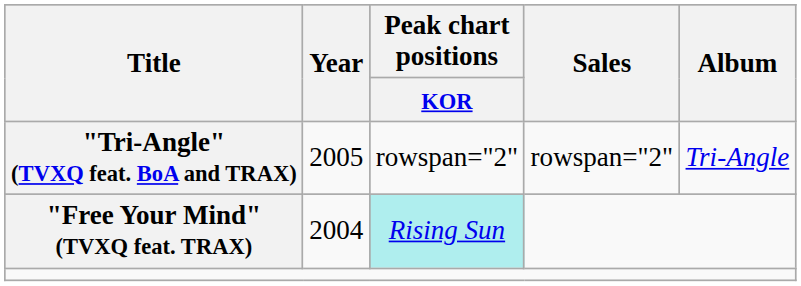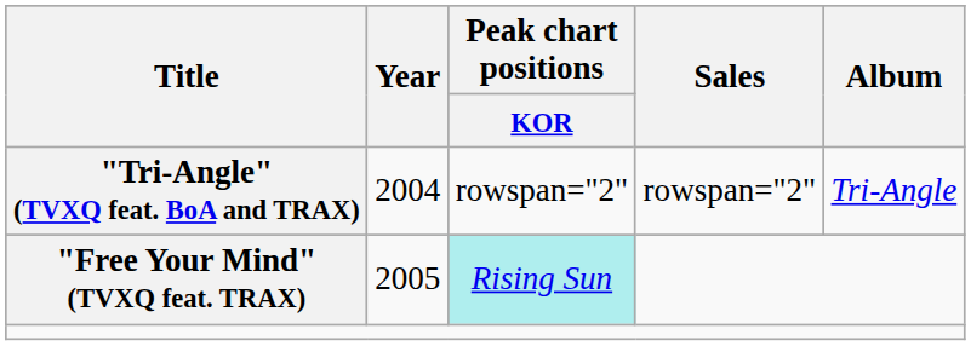 <table class="wikitable plainrowheaders" style="text-align:center;">
 <tr>
 <th scope="col" rowspan="2">Title</th>
 <th scope="col" rowspan="2">Year</th>
 <th scope="col" colspan="1">Peak chart<br>positions</th>
 <th scope="col" rowspan="2">Sales</th>
 <th scope="col" rowspan="2">Album</th>
 </tr>
 <tr>
 <th><small><a href='#'>KOR</a></small><br></th>
 </tr>
 <tr>
 <th scope="row">"Tri-Angle" <small><br>(<a href='#'>TVXQ</a> feat. <a href='#'>BoA</a> and TRAX)</small></th>
-<td>2005</td>
+<td>2004</td>
 <td>rowspan="2" </td>
 <td>rowspan="2" </td>
 <td><em><a href='#'>Tri-Angle</a></em></td>
 </tr>
 <tr>
 <th scope="row">"Free Your Mind"<br><small>(TVXQ feat. TRAX) </small></th>
-<td>2004</td>
+<td>2005</td>
 <td style="background: paleturquoise;"><em><a href='#'>Rising Sun</a></em></td>
 </tr>
 <tr>
 <td colspan="5"></td>
 </tr>
 </table>
